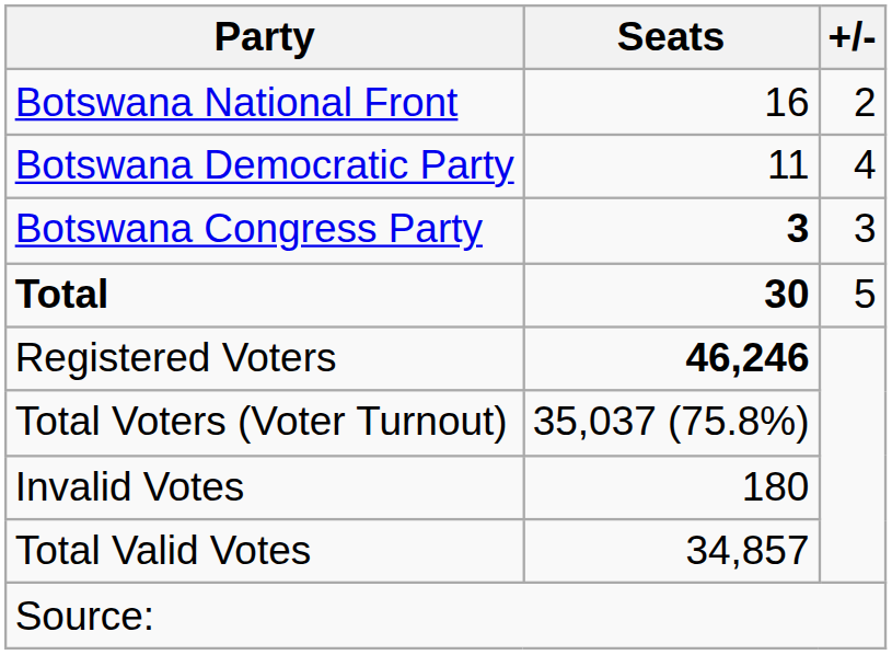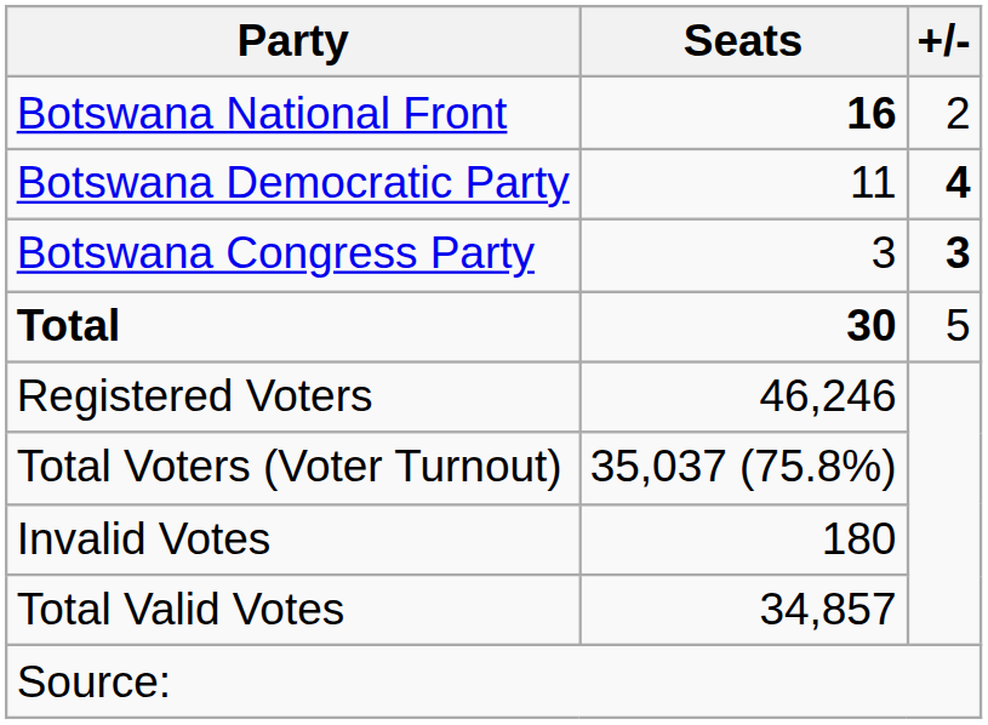 <table class=wikitable style=text-align:right>
 <tr>
 <th>Party</th>
 <th>Seats</th>
 <th>+/-</th>
 </tr>
 <tr>
 <td align=left><a href='#'>Botswana National Front</a></td>
-<td>16</td>
+<td><strong>16</strong></td>
 <td>2</td>
 </tr>
 <tr>
 <td align=left><a href='#'>Botswana Democratic Party</a></td>
 <td>11</td>
-<td>4</td>
+<td><strong>4</strong></td>
 </tr>
 <tr>
 <td align=left><a href='#'>Botswana Congress Party</a></td>
+<td>3</td>
 <td><strong>3</strong></td>
-<td>3</td>
 </tr>
 <tr>
 <td align=left><strong>Total</strong></td>
 <td><strong>30</strong></td>
 <td>5</td>
 </tr>
 <tr>
 <td align=left>Registered Voters</td>
-<td><strong>46,246</strong></td>
+<td>46,246</td>
 </tr>
 <tr>
 <td align=left>Total Voters (Voter Turnout)</td>
 <td>35,037 (75.8%)</td>
 </tr>
 <tr>
 <td align=left>Invalid Votes</td>
 <td>180</td>
 </tr>
 <tr>
 <td align=left>Total Valid Votes</td>
 <td>34,857</td>
 </tr>
 <tr>
 <td colspan=4 align=left>Source: </td>
 </tr>
 </table>
